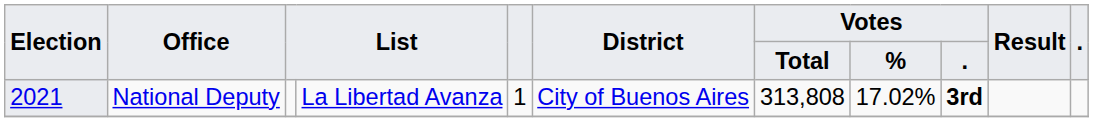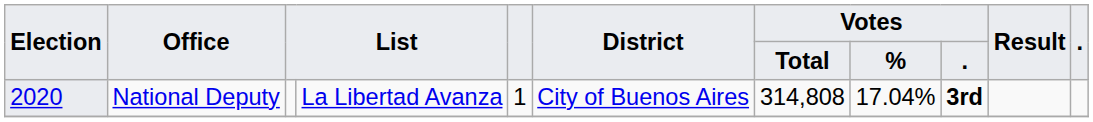 <table class="wikitable">
 <tr>
 <th style="background-color:#EAECF0;" rowspan=2>Election</th>
 <th style="background-color:#EAECF0;" rowspan=2>Office</th>
 <th style="background-color:#EAECF0;" colspan=2 rowspan=2>List</th>
 <th style="background-color:#EAECF0;" rowspan=2></th>
 <th style="background-color:#EAECF0;" rowspan=2>District</th>
 <th style="background-color:#EAECF0;" colspan=3>Votes</th>
 <th style="background-color:#EAECF0;" rowspan=2>Result</th>
 <th style="background-color:#EAECF0;" rowspan=2>.</th>
 </tr>
 <tr>
 <th style="background-color:#EAECF0;">Total</th>
 <th style="background-color:#EAECF0;">%</th>
 <th style="background-color:#EAECF0;">.</th>
 </tr>
 <tr>
-<td style="background-color:#EAECF0;"><a href='#'>2021</a></td>
+<td style="background-color:#EAECF0;"><a href='#'>2020</a></td>
 <td><a href='#'>National Deputy</a></td>
 <td style="background-color:"></td>
 <td><a href='#'>La Libertad Avanza</a></td>
 <td>1</td>
 <td><a href='#'>City of Buenos Aires</a></td>
-<td>313,808</td>
-<td>17.02%</td>
+<td>314,808</td>
+<td>17.04%</td>
 <td><strong>3rd</strong></td>
 <td></td>
 <td></td>
 </tr>
 <tr>
 </tr>
 </table>
